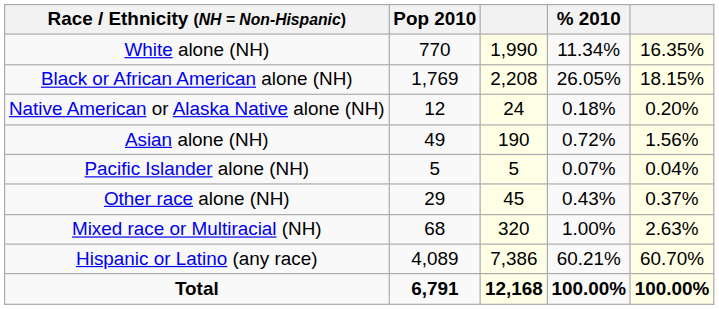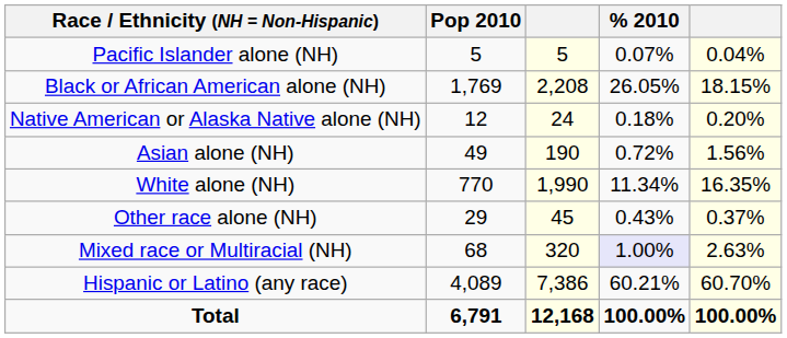 <table class="wikitable" style="text-align:center;">
 <tr>
 <th>Race / Ethnicity <small>(<em>NH = Non-Hispanic</em>)</small></th>
 <th>Pop 2010</th>
 <th></th>
 <th>% 2010</th>
 <th></th>
 </tr>
 <tr>
-<td><a href='#'>White</a> alone (NH)</td>
-<td>770</td>
-<td style='background: #ffffe6;'>1,990</td>
-<td>11.34%</td>
-<td style='background: #ffffe6;'>16.35%</td>
+<td><a href='#'>Pacific Islander</a> alone (NH)</td>
+<td>5</td>
+<td style='background: #ffffe6;'>5</td>
+<td>0.07%</td>
+<td style='background: #ffffe6;'>0.04%</td>
 </tr>
 <tr>
 <td><a href='#'>Black or African American</a> alone (NH)</td>
 <td>1,769</td>
 <td style='background: #ffffe6;'>2,208</td>
 <td>26.05%</td>
 <td style='background: #ffffe6;'>18.15%</td>
 </tr>
 <tr>
 <td><a href='#'>Native American</a> or <a href='#'>Alaska Native</a> alone (NH)</td>
 <td>12</td>
 <td style='background: #ffffe6;'>24</td>
 <td>0.18%</td>
 <td style='background: #ffffe6;'>0.20%</td>
 </tr>
 <tr>
 <td><a href='#'>Asian</a> alone (NH)</td>
 <td>49</td>
 <td style='background: #ffffe6;'>190</td>
 <td>0.72%</td>
 <td style='background: #ffffe6;'>1.56%</td>
 </tr>
 <tr>
-<td><a href='#'>Pacific Islander</a> alone (NH)</td>
-<td>5</td>
-<td style='background: #ffffe6;'>5</td>
-<td>0.07%</td>
-<td style='background: #ffffe6;'>0.04%</td>
+<td><a href='#'>White</a> alone (NH)</td>
+<td>770</td>
+<td style='background: #ffffe6;'>1,990</td>
+<td>11.34%</td>
+<td style='background: #ffffe6;'>16.35%</td>
 </tr>
 <tr>
 <td><a href='#'>Other race</a> alone (NH)</td>
 <td>29</td>
 <td style='background: #ffffe6;'>45</td>
 <td>0.43%</td>
 <td style='background: #ffffe6;'>0.37%</td>
 </tr>
 <tr>
 <td><a href='#'>Mixed race or Multiracial</a> (NH)</td>
 <td>68</td>
 <td style='background: #ffffe6;'>320</td>
-<td>1.00%</td>
+<td style="background: lavender;">1.00%</td>
 <td style='background: #ffffe6;'>2.63%</td>
 </tr>
 <tr>
 <td><a href='#'>Hispanic or Latino</a> (any race)</td>
 <td>4,089</td>
 <td style='background: #ffffe6;'>7,386</td>
 <td>60.21%</td>
 <td style='background: #ffffe6;'>60.70%</td>
 </tr>
 <tr>
 <td><strong>Total</strong></td>
 <td><strong>6,791</strong></td>
 <td style='background: #ffffe6;'><strong>12,168</strong></td>
 <td><strong>100.00%</strong></td>
 <td style='background: #ffffe6;'><strong>100.00%</strong></td>
 </tr>
 </table>
